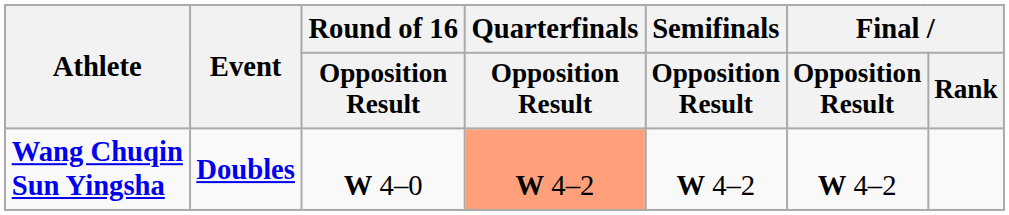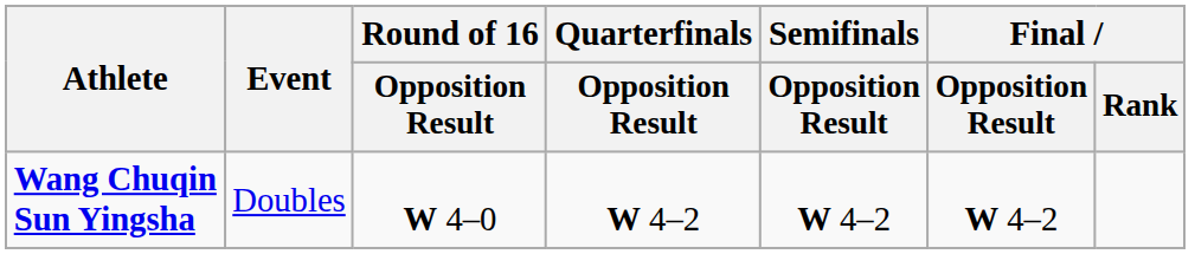 <table class="wikitable" style="font-size:90%;">
 <tr>
 <th rowspan=2>Athlete</th>
 <th rowspan=2>Event</th>
 <th>Round of 16</th>
 <th>Quarterfinals</th>
 <th>Semifinals</th>
 <th colspan=2>Final / </th>
 </tr>
 <tr style="font-size:95%">
 <th>Opposition<br>Result</th>
 <th>Opposition<br>Result</th>
 <th>Opposition<br>Result</th>
 <th>Opposition<br>Result</th>
 <th>Rank</th>
 </tr>
 <tr align=center>
 <td align=left><strong><a href='#'>Wang Chuqin</a><br><a href='#'>Sun Yingsha</a></strong></td>
-<td align=left><strong><a href='#'>Doubles</a></strong></td>
+<td align=left><a href='#'>Doubles</a></td>
 <td><br><strong>W</strong> 4–0</td>
-<td style="background: lightsalmon;"><br><strong>W</strong> 4–2</td>
+<td><br><strong>W</strong> 4–2</td>
 <td><br><strong>W</strong> 4–2</td>
 <td><br><strong>W</strong> 4–2</td>
 <td></td>
 </tr>
 </table>
